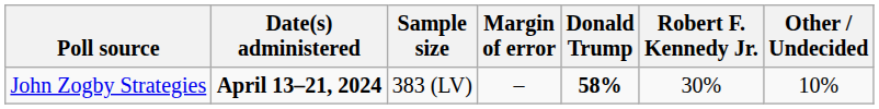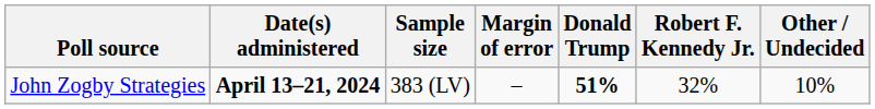 <table class="wikitable sortable mw-datatable" style="font-size:90%;text-align:center;line-height:17px">
 <tr valign=bottom>
 <th>Poll source</th>
 <th>Date(s)<br>administered</th>
 <th>Sample<br>size</th>
 <th>Margin<br>of error</th>
 <th class="unsortable">Donald<br>Trump<br></th>
 <th class="unsortable">Robert F.<br>Kennedy Jr.<br></th>
 <th class="unsortable">Other /<br>Undecided</th>
 </tr>
 <tr>
 <td style="text-align:left;"><a href='#'>John Zogby Strategies</a></td>
 <td data-sort-value="2024-05-01"><strong>April 13–21, 2024</strong></td>
 <td>383 (LV)</td>
 <td>–</td>
-<td style="background-color:"><strong>58%</strong></td>
-<td>30%</td>
+<td style="background-color:"><strong>51%</strong></td>
+<td>32%</td>
 <td>10%</td>
 </tr>
 </table>
